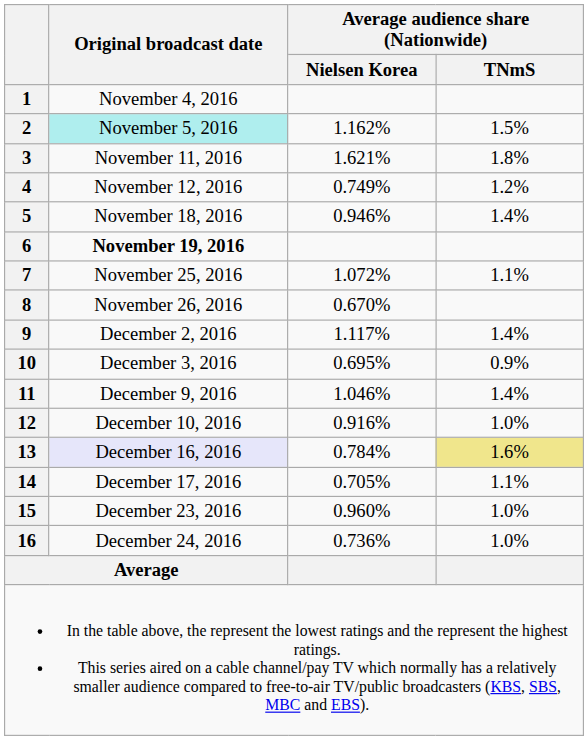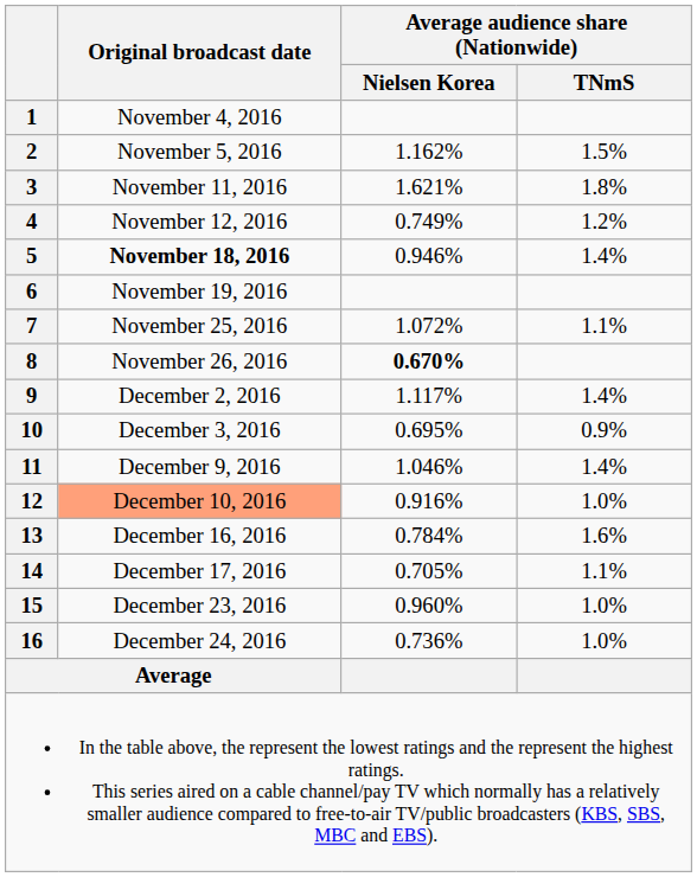 <table class="wikitable" style="width:500px; text-align:center">
 <tr>
 <th rowspan="2"></th>
 <th rowspan="2">Original broadcast date</th>
 <th colspan="2">Average audience share<br>(Nationwide)</th>
 </tr>
 <tr>
 <th width="120">Nielsen Korea</th>
 <th width="120">TNmS</th>
 </tr>
 <tr>
 <th>1</th>
 <td>November 4, 2016</td>
 <td></td>
 <td></td>
 </tr>
 <tr>
 <th>2</th>
-<td style="background: paleturquoise;">November 5, 2016</td>
+<td>November 5, 2016</td>
 <td>1.162%</td>
 <td>1.5%</td>
 </tr>
 <tr>
 <th>3</th>
 <td>November 11, 2016</td>
 <td>1.621%</td>
 <td>1.8%</td>
 </tr>
 <tr>
 <th>4</th>
 <td>November 12, 2016</td>
 <td>0.749%</td>
 <td>1.2%</td>
 </tr>
 <tr>
 <th>5</th>
-<td>November 18, 2016</td>
+<td><strong>November 18, 2016</strong></td>
 <td>0.946%</td>
 <td>1.4%</td>
 </tr>
 <tr>
 <th>6</th>
-<td><strong>November 19, 2016</strong></td>
+<td>November 19, 2016</td>
 <td></td>
 <td></td>
 </tr>
 <tr>
 <th>7</th>
 <td>November 25, 2016</td>
 <td>1.072%</td>
 <td>1.1%</td>
 </tr>
 <tr>
 <th>8</th>
 <td>November 26, 2016</td>
-<td>0.670%</td>
+<td><strong>0.670%</strong></td>
 <td></td>
 </tr>
 <tr>
 <th>9</th>
 <td>December 2, 2016</td>
 <td>1.117%</td>
 <td>1.4%</td>
 </tr>
 <tr>
 <th>10</th>
 <td>December 3, 2016</td>
 <td>0.695%</td>
 <td>0.9%</td>
 </tr>
 <tr>
 <th>11</th>
 <td>December 9, 2016</td>
 <td>1.046%</td>
 <td>1.4%</td>
 </tr>
 <tr>
 <th>12</th>
-<td>December 10, 2016</td>
+<td style="background: lightsalmon;">December 10, 2016</td>
 <td>0.916%</td>
 <td>1.0%</td>
 </tr>
 <tr>
 <th>13</th>
-<td style="background: lavender;">December 16, 2016</td>
+<td>December 16, 2016</td>
 <td>0.784%</td>
-<td style="background: khaki;">1.6%</td>
+<td>1.6%</td>
 </tr>
 <tr>
 <th>14</th>
 <td>December 17, 2016</td>
 <td>0.705%</td>
 <td>1.1%</td>
 </tr>
 <tr>
 <th>15</th>
 <td>December 23, 2016</td>
 <td>0.960%</td>
 <td>1.0%</td>
 </tr>
 <tr>
 <th>16</th>
 <td>December 24, 2016</td>
 <td>0.736%</td>
 <td>1.0%</td>
 </tr>
 <tr>
 <th colspan="2">Average</th>
 <th></th>
 <th></th>
 </tr>
 <tr>
 <td colspan="4" style="font-size:85%"><br><ul><li>In the table above, the <strong></strong> represent the lowest ratings and the <strong></strong> represent the highest ratings.</li><li>This series aired on a cable channel/pay TV which normally has a relatively smaller audience compared to free-to-air TV/public broadcasters (<a href='#'>KBS</a>, <a href='#'>SBS</a>, <a href='#'>MBC</a> and <a href='#'>EBS</a>).</li></ul></td>
 </tr>
 </table>
